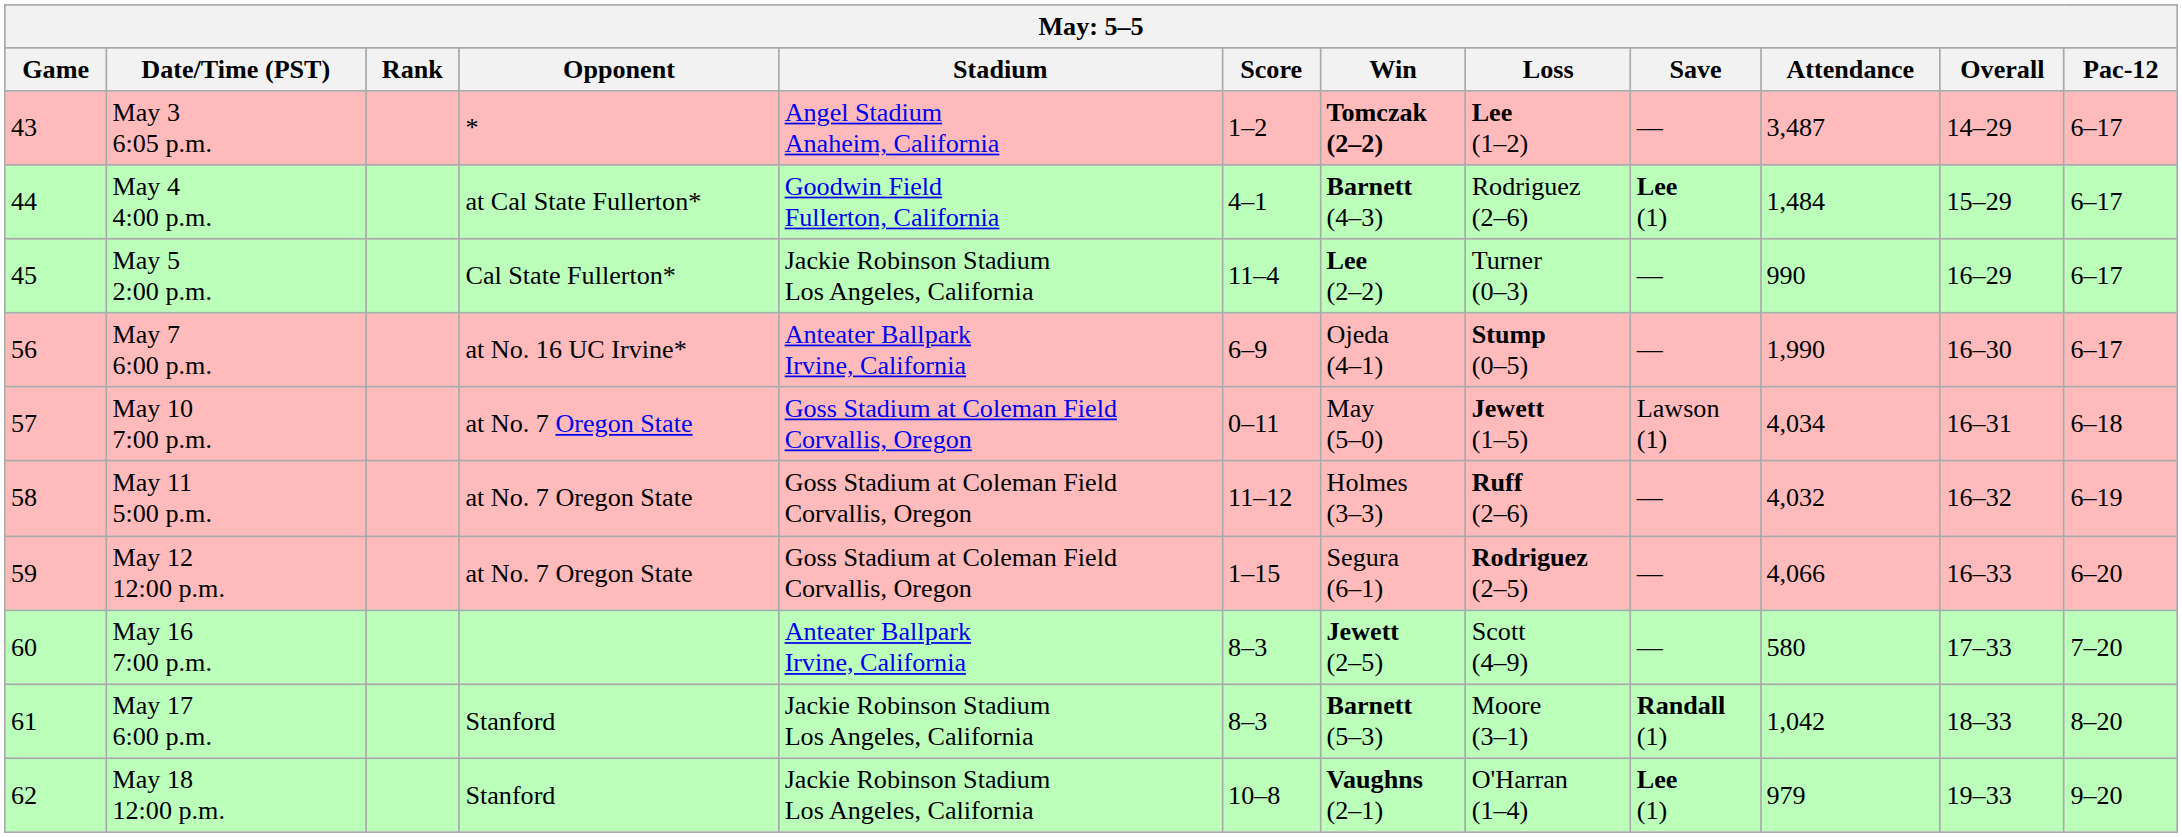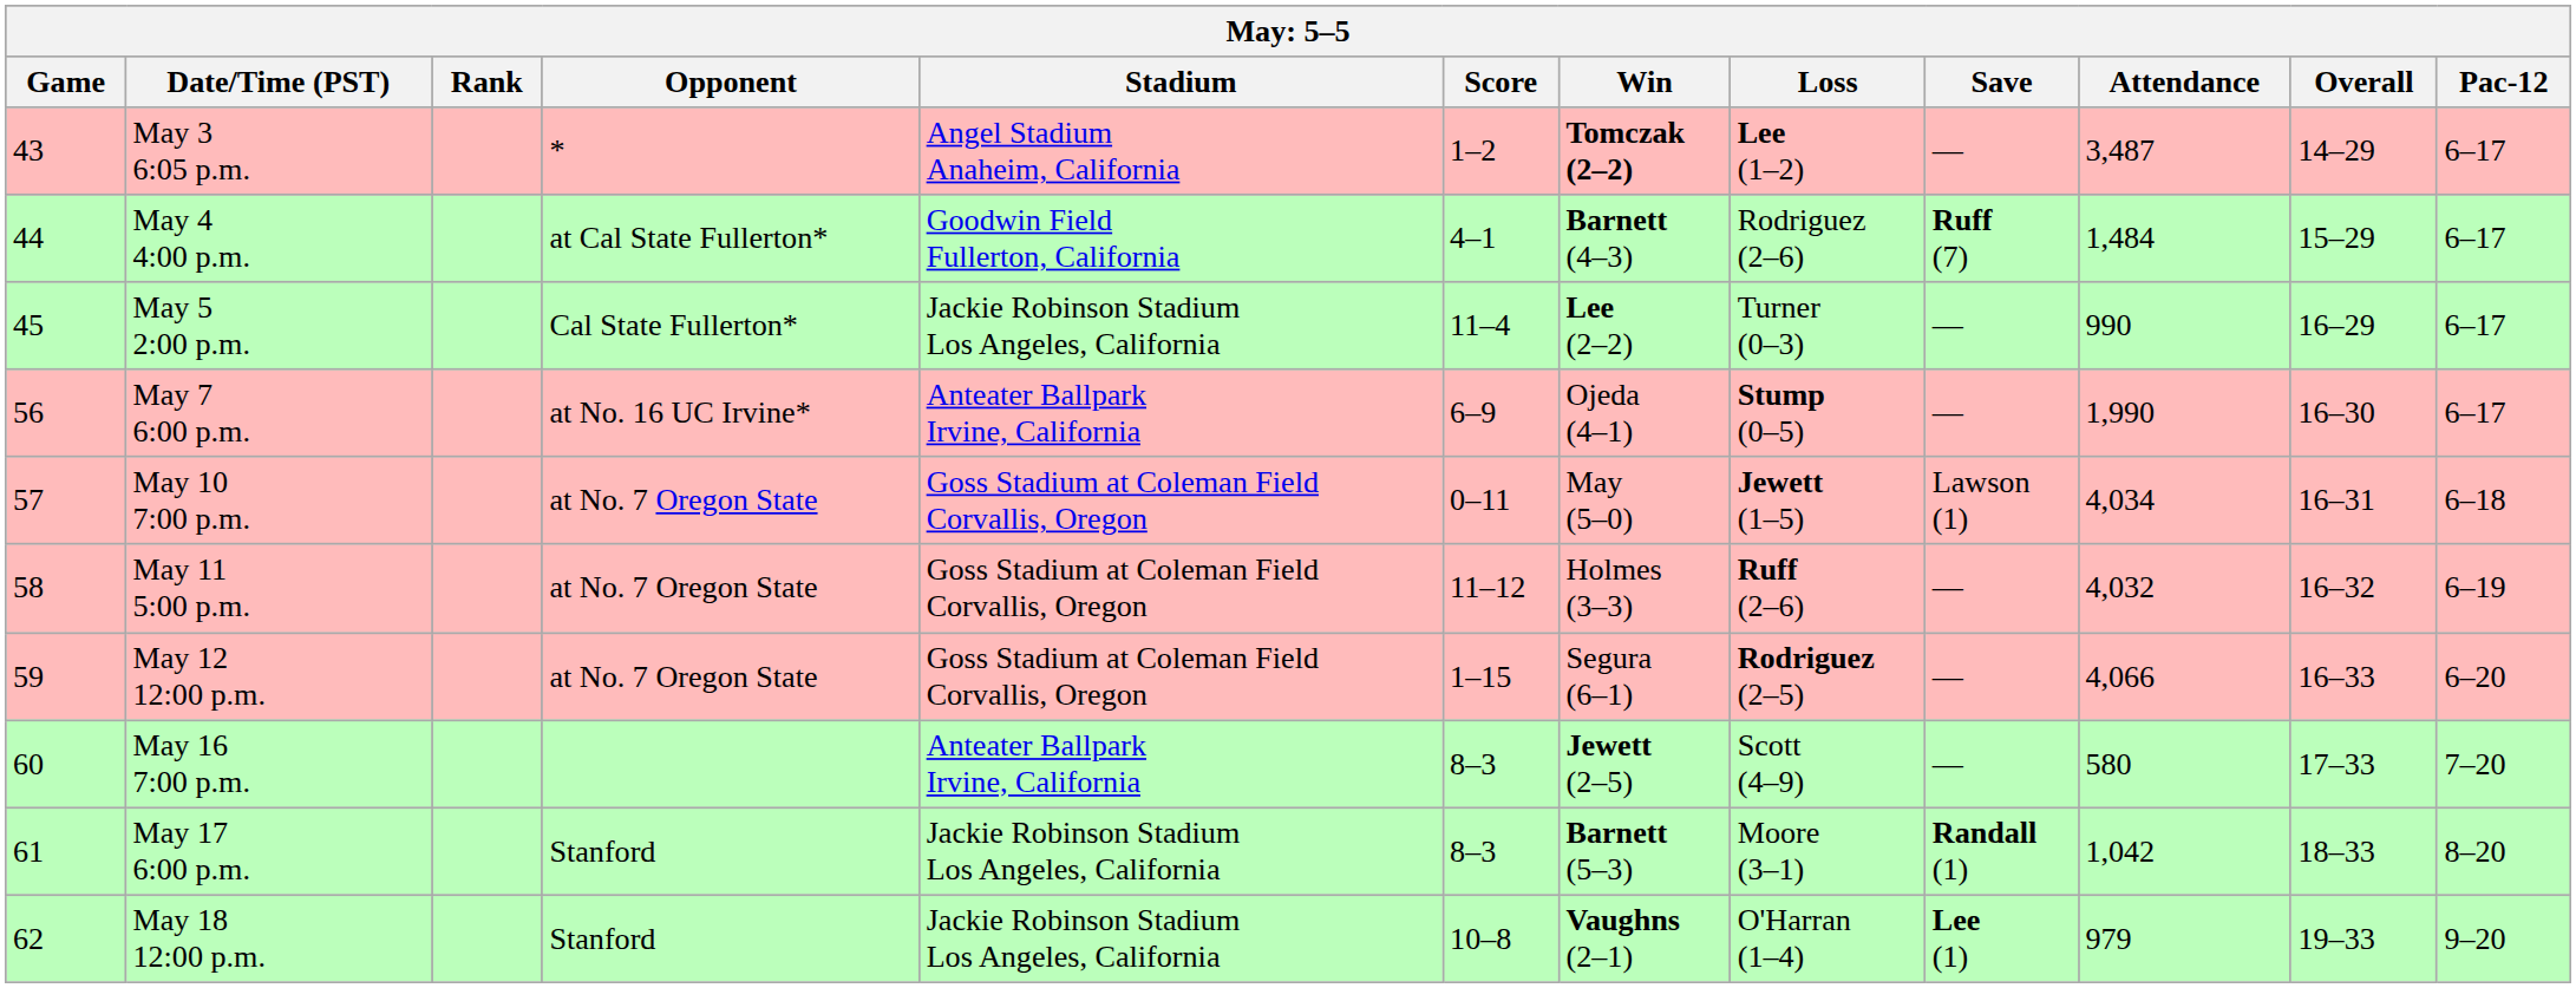 <table class="wikitable collapsible collapsed " style="margin:auto; font-size:95%; width:100%">
 <tr>
 <th colspan=12>May: 5–5</th>
 </tr>
 <tr>
 <th>Game</th>
 <th>Date/Time (PST)</th>
 <th>Rank</th>
 <th>Opponent</th>
 <th>Stadium</th>
 <th>Score</th>
 <th>Win</th>
 <th>Loss</th>
 <th>Save</th>
 <th>Attendance</th>
 <th>Overall</th>
 <th>Pac-12</th>
 </tr>
 <tr style="background:#fbb;">
 <td>43</td>
 <td>May 3<br>6:05 p.m.</td>
 <td></td>
 <td>*</td>
 <td><a href='#'>Angel Stadium</a><br><a href='#'>Anaheim, California</a></td>
 <td>1–2<br></td>
 <td><strong>Tomczak<br>(2–2)</strong></td>
 <td><strong>Lee</strong><br>(1–2)</td>
 <td>—</td>
 <td>3,487</td>
 <td>14–29</td>
 <td>6–17</td>
 </tr>
 <tr style="background:#bfb;">
 <td>44</td>
 <td>May 4<br>4:00 p.m.</td>
 <td></td>
 <td>at Cal State Fullerton*</td>
 <td><a href='#'>Goodwin Field</a><br><a href='#'>Fullerton, California</a></td>
 <td>4–1</td>
 <td><strong>Barnett</strong><br>(4–3)</td>
 <td>Rodriguez<br>(2–6)</td>
-<td><strong>Lee</strong><br>(1)</td>
+<td><strong>Ruff</strong><br>(7)</td>
 <td>1,484</td>
 <td>15–29</td>
 <td>6–17</td>
 </tr>
 <tr style="background:#bfb;">
 <td>45</td>
 <td>May 5<br>2:00 p.m.</td>
 <td></td>
 <td>Cal State Fullerton*</td>
 <td>Jackie Robinson Stadium<br>Los Angeles, California</td>
 <td>11–4</td>
 <td><strong>Lee</strong><br>(2–2)</td>
 <td>Turner <br>(0–3)</td>
 <td>—</td>
 <td>990</td>
 <td>16–29</td>
 <td>6–17</td>
 </tr>
 <tr style="background:#fbb;">
 <td>56</td>
 <td>May 7<br>6:00 p.m.</td>
 <td></td>
 <td>at No. 16 UC Irvine*</td>
 <td><a href='#'>Anteater Ballpark</a><br><a href='#'>Irvine, California</a></td>
 <td>6–9</td>
 <td>Ojeda<br>(4–1)</td>
 <td><strong>Stump</strong><br>(0–5)</td>
 <td>—</td>
 <td>1,990</td>
 <td>16–30</td>
 <td>6–17</td>
 </tr>
 <tr style="background:#fbb;">
 <td>57</td>
 <td>May 10<br>7:00 p.m.</td>
 <td></td>
 <td>at No. 7 <a href='#'>Oregon State</a></td>
 <td><a href='#'>Goss Stadium at Coleman Field</a><br><a href='#'>Corvallis, Oregon</a></td>
 <td>0–11</td>
 <td>May<br>(5–0)</td>
 <td><strong>Jewett</strong><br>(1–5)</td>
 <td>Lawson<br>(1)</td>
 <td>4,034</td>
 <td>16–31</td>
 <td>6–18</td>
 </tr>
 <tr style="background:#fbb;">
 <td>58</td>
 <td>May 11<br>5:00 p.m.</td>
 <td></td>
 <td>at No. 7 Oregon State</td>
 <td>Goss Stadium at Coleman Field<br>Corvallis, Oregon</td>
 <td>11–12</td>
 <td>Holmes <br>(3–3)</td>
 <td><strong>Ruff</strong><br>(2–6)</td>
 <td>—</td>
 <td>4,032</td>
 <td>16–32</td>
 <td>6–19</td>
 </tr>
 <tr style="background:#fbb;">
 <td>59</td>
 <td>May 12<br>12:00 p.m.</td>
 <td></td>
 <td>at No. 7 Oregon State</td>
 <td>Goss Stadium at Coleman Field<br>Corvallis, Oregon</td>
 <td>1–15</td>
 <td>Segura<br>(6–1)</td>
 <td><strong>Rodriguez</strong><br>(2–5)</td>
 <td>—</td>
 <td>4,066</td>
 <td>16–33</td>
 <td>6–20</td>
 </tr>
 <tr style="background:#bfb;">
 <td>60</td>
 <td>May 16<br>7:00 p.m.</td>
 <td></td>
 <td></td>
 <td><a href='#'>Anteater Ballpark</a><br><a href='#'>Irvine, California</a></td>
 <td>8–3</td>
 <td><strong>Jewett</strong><br>(2–5)</td>
 <td>Scott<br>(4–9)</td>
 <td>—</td>
 <td>580</td>
 <td>17–33</td>
 <td>7–20</td>
 </tr>
 <tr style="background:#bfb;">
 <td>61</td>
 <td>May 17<br>6:00 p.m.</td>
 <td></td>
 <td>Stanford</td>
 <td>Jackie Robinson Stadium<br>Los Angeles, California</td>
 <td>8–3</td>
 <td><strong>Barnett</strong><br>(5–3)</td>
 <td>Moore <br>(3–1)</td>
 <td><strong>Randall</strong><br>(1)</td>
 <td>1,042</td>
 <td>18–33</td>
 <td>8–20</td>
 </tr>
 <tr style="background:#bfb;">
 <td>62</td>
 <td>May 18<br>12:00 p.m.</td>
 <td></td>
 <td>Stanford</td>
 <td>Jackie Robinson Stadium<br>Los Angeles, California</td>
 <td>10–8</td>
 <td><strong>Vaughns</strong><br>(2–1)</td>
 <td>O'Harran<br>(1–4)</td>
 <td><strong>Lee</strong><br>(1)</td>
 <td>979</td>
 <td>19–33</td>
 <td>9–20</td>
 </tr>
 </table>
